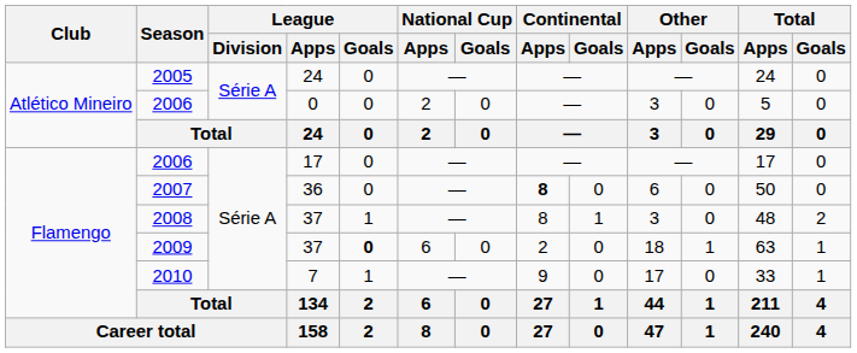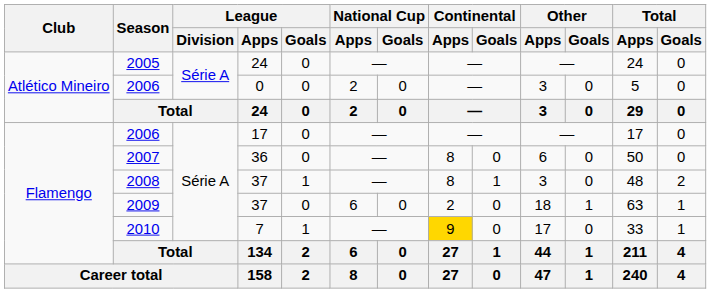 <table class="wikitable" style="text-align: center">
 <tr>
 <th rowspan="2">Club</th>
 <th rowspan="2">Season</th>
 <th colspan="3">League</th>
 <th colspan="2">National Cup</th>
 <th colspan="2">Continental</th>
 <th colspan="2">Other</th>
 <th colspan="2">Total</th>
 </tr>
 <tr>
 <th>Division</th>
 <th>Apps</th>
 <th>Goals</th>
 <th>Apps</th>
 <th>Goals</th>
 <th>Apps</th>
 <th>Goals</th>
 <th>Apps</th>
 <th>Goals</th>
 <th>Apps</th>
 <th>Goals</th>
 </tr>
 <tr>
 <td rowspan="3"><a href='#'>Atlético Mineiro</a></td>
 <td><a href='#'>2005</a></td>
 <td rowspan="2"><a href='#'>Série A</a></td>
 <td>24</td>
 <td>0</td>
 <td colspan="2">—</td>
 <td colspan="2">—</td>
 <td colspan="2">—</td>
 <td>24</td>
 <td>0</td>
 </tr>
 <tr>
 <td><a href='#'>2006</a></td>
 <td>0</td>
 <td>0</td>
 <td>2</td>
 <td>0</td>
 <td colspan="2">—</td>
 <td>3</td>
 <td>0</td>
 <td>5</td>
 <td>0</td>
 </tr>
 <tr>
 <th colspan="2">Total</th>
 <th>24</th>
 <th>0</th>
 <th>2</th>
 <th>0</th>
 <th colspan="2">—</th>
 <th>3</th>
 <th>0</th>
 <th>29</th>
 <th>0</th>
 </tr>
 <tr>
 <td rowspan="6"><a href='#'>Flamengo</a></td>
 <td><a href='#'>2006</a></td>
 <td rowspan="5">Série A</td>
 <td>17</td>
 <td>0</td>
 <td colspan="2">—</td>
 <td colspan="2">—</td>
 <td colspan="2">—</td>
 <td>17</td>
 <td>0</td>
 </tr>
 <tr>
 <td><a href='#'>2007</a></td>
 <td>36</td>
 <td>0</td>
 <td colspan="2">—</td>
-<td><strong>8</strong></td>
+<td>8</td>
 <td>0</td>
 <td>6</td>
 <td>0</td>
 <td>50</td>
 <td>0</td>
 </tr>
 <tr>
 <td><a href='#'>2008</a></td>
 <td>37</td>
 <td>1</td>
 <td colspan="2">—</td>
 <td>8</td>
 <td>1</td>
 <td>3</td>
 <td>0</td>
 <td>48</td>
 <td>2</td>
 </tr>
 <tr>
 <td><a href='#'>2009</a></td>
 <td>37</td>
-<td><strong>0</strong></td>
+<td>0</td>
 <td>6</td>
 <td>0</td>
 <td>2</td>
 <td>0</td>
 <td>18</td>
 <td>1</td>
 <td>63</td>
 <td>1</td>
 </tr>
 <tr>
 <td><a href='#'>2010</a></td>
 <td>7</td>
 <td>1</td>
 <td colspan="2">—</td>
-<td>9</td>
+<td style="background: gold;">9</td>
 <td>0</td>
 <td>17</td>
 <td>0</td>
 <td>33</td>
 <td>1</td>
 </tr>
 <tr>
 <th colspan="2">Total</th>
 <th>134</th>
 <th>2</th>
 <th>6</th>
 <th>0</th>
 <th>27</th>
 <th>1</th>
 <th>44</th>
 <th>1</th>
 <th>211</th>
 <th>4</th>
 </tr>
 <tr>
 <th colspan="3">Career total</th>
 <th>158</th>
 <th>2</th>
 <th>8</th>
 <th>0</th>
 <th>27</th>
 <th>0</th>
 <th>47</th>
 <th>1</th>
 <th>240</th>
 <th>4</th>
 </tr>
 </table>
